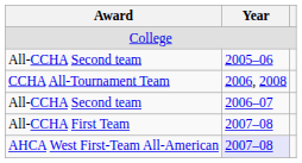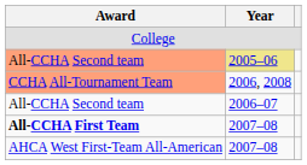 <table class="wikitable">
 <tr>
 <th>Award</th>
 <th>Year</th>
 <th></th>
 </tr>
 <tr ALIGN="center" bgcolor="#e0e0e0">
 <td colspan="3"><a href='#'>College</a></td>
 </tr>
 <tr>
-<td>All-<a href='#'>CCHA</a> <a href='#'>Second team</a></td>
-<td><a href='#'>2005–06</a></td>
+<td style="background: lightsalmon;">All-<a href='#'>CCHA</a> <a href='#'>Second team</a></td>
+<td style="background: khaki;"><a href='#'>2005–06</a></td>
 <td></td>
 </tr>
 <tr>
-<td><a href='#'>CCHA</a> <a href='#'>All-Tournament Team</a></td>
+<td style="background: lightsalmon;"><a href='#'>CCHA</a> <a href='#'>All-Tournament Team</a></td>
 <td><a href='#'>2006</a>, <a href='#'>2008</a></td>
 <td></td>
 </tr>
 <tr>
 <td>All-<a href='#'>CCHA</a> <a href='#'>Second team</a></td>
 <td><a href='#'>2006–07</a></td>
 <td></td>
 </tr>
 <tr>
-<td>All-<a href='#'>CCHA</a> <a href='#'>First Team</a></td>
+<td><strong>All-<a href='#'>CCHA</a> <a href='#'>First Team</a></strong></td>
 <td><a href='#'>2007–08</a></td>
 <td></td>
 </tr>
 <tr>
 <td><a href='#'>AHCA</a> <a href='#'>West First-Team All-American</a></td>
-<td style="background: lavender;"><a href='#'>2007–08</a></td>
+<td><a href='#'>2007–08</a></td>
 <td></td>
 </tr>
 </table>
